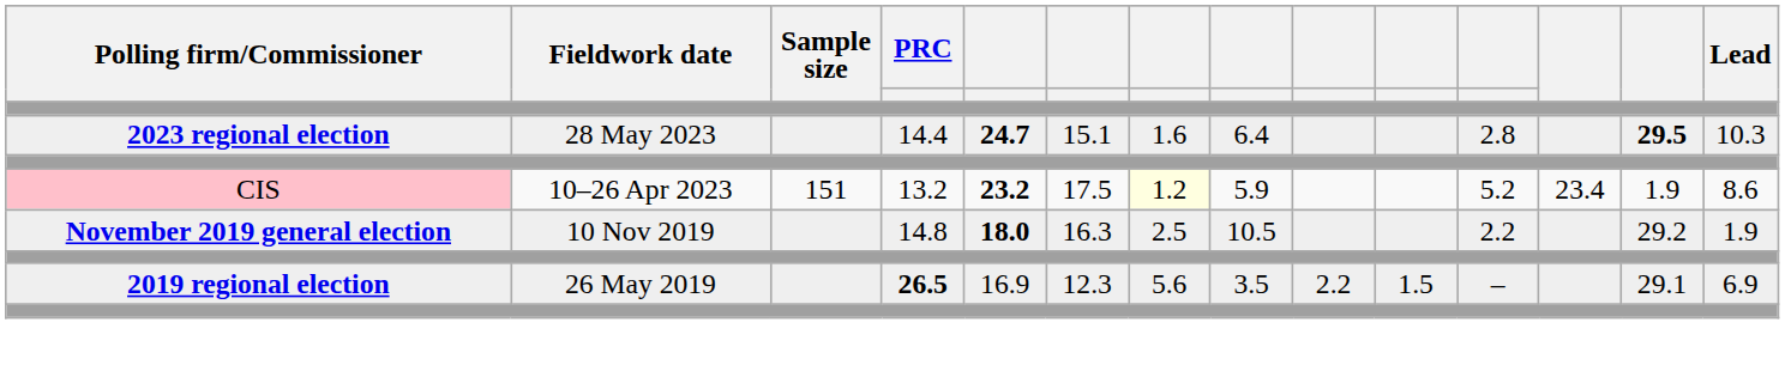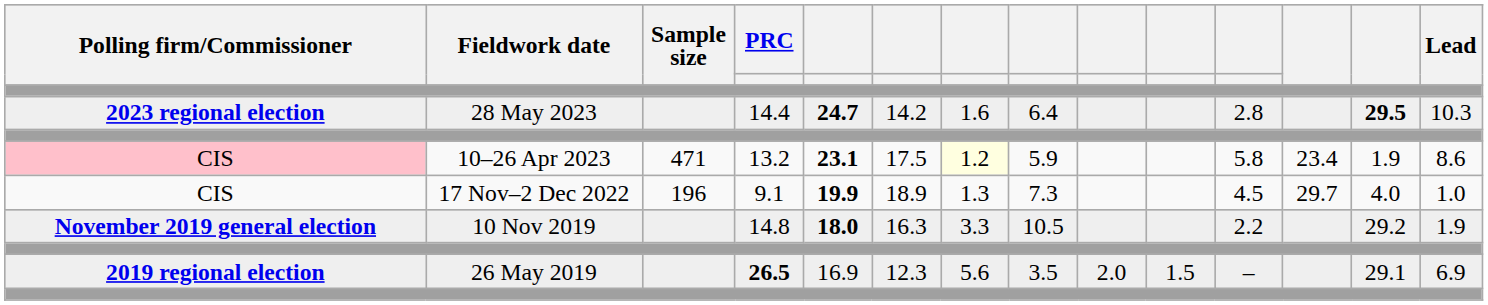 <table class="wikitable collapsible collapsed" style="text-align:center; font-size:90%; line-height:14px;">
 <tr style="height:42px;">
 <th style="width:250px;" rowspan="2">Polling firm/Commissioner</th>
 <th style="width:125px;" rowspan="2">Fieldwork date</th>
 <th style="width:50px;" rowspan="2">Sample size</th>
 <th style="width:35px;"><a href='#'>PRC</a></th>
 <th style="width:35px;"></th>
 <th style="width:35px;"></th>
 <th style="width:35px;"></th>
 <th style="width:35px;"></th>
 <th style="width:35px;"></th>
 <th style="width:35px;"></th>
 <th style="width:35px;"></th>
 <th style="width:35px;" rowspan="2"></th>
 <th style="width:35px;" rowspan="2"></th>
 <th style="width:30px;" rowspan="2">Lead</th>
 </tr>
 <tr>
 <th style="color:inherit;background:"></th>
 <th style="color:inherit;background:"></th>
 <th style="color:inherit;background:"></th>
 <th style="color:inherit;background:"></th>
 <th style="color:inherit;background:"></th>
 <th style="color:inherit;background:"></th>
 <th style="color:inherit;background:"></th>
 <th style="color:inherit;background:"></th>
 </tr>
 <tr>
 <td colspan="14" style="background:#A0A0A0"></td>
 </tr>
 <tr style="background:#EFEFEF;">
 <td><strong><a href='#'>2023 regional election</a></strong></td>
 <td>28 May 2023</td>
 <td></td>
 <td>14.4</td>
 <td><strong>24.7</strong></td>
-<td>15.1</td>
+<td>14.2</td>
 <td>1.6</td>
 <td>6.4</td>
 <td></td>
 <td></td>
 <td>2.8</td>
 <td></td>
 <td><strong>29.5</strong></td>
 <td style="background:">10.3</td>
 </tr>
 <tr>
 <td colspan="14" style="background:#A0A0A0"></td>
 </tr>
 <tr>
 <td style="background: pink;">CIS</td>
 <td>10–26 Apr 2023</td>
-<td>151</td>
+<td>471</td>
 <td>13.2</td>
-<td><strong>23.2</strong></td>
+<td><strong>23.1</strong></td>
 <td>17.5</td>
 <td style="background: lightyellow;">1.2</td>
 <td>5.9</td>
 <td></td>
 <td></td>
-<td>5.2</td>
+<td>5.8</td>
 <td>23.4</td>
 <td>1.9</td>
 <td style="background:">8.6</td>
+</tr>
+<tr>
+<td>CIS</td>
+<td>17 Nov–2 Dec 2022</td>
+<td>196</td>
+<td>9.1</td>
+<td><strong>19.9</strong></td>
+<td>18.9</td>
+<td>1.3</td>
+<td>7.3</td>
+<td></td>
+<td></td>
+<td>4.5</td>
+<td>29.7</td>
+<td>4.0</td>
+<td style="background:">1.0</td>
 </tr>
 <tr style="background:#EFEFEF;">
 <td><strong><a href='#'>November 2019 general election</a></strong></td>
 <td>10 Nov 2019</td>
 <td></td>
 <td>14.8</td>
 <td><strong>18.0</strong></td>
 <td>16.3</td>
-<td>2.5</td>
+<td>3.3</td>
 <td>10.5</td>
 <td></td>
 <td></td>
 <td>2.2</td>
 <td></td>
 <td>29.2</td>
 <td style="background:">1.9</td>
 </tr>
 <tr>
 <td colspan="14" style="background:#A0A0A0"></td>
 </tr>
 <tr style="background:#EFEFEF;">
 <td><strong><a href='#'>2019 regional election</a></strong></td>
 <td>26 May 2019</td>
 <td></td>
 <td><strong>26.5</strong></td>
 <td>16.9</td>
 <td>12.3</td>
 <td>5.6</td>
 <td>3.5</td>
-<td>2.2</td>
+<td>2.0</td>
 <td>1.5</td>
 <td>–</td>
 <td></td>
 <td>29.1</td>
 <td style="background:">6.9</td>
 </tr>
 <tr>
 <td colspan="14" style="background:#A0A0A0"></td>
 </tr>
 </table>
